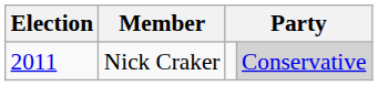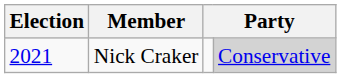 <table class="wikitable">
 <tr>
 <th>Election</th>
 <th>Member</th>
 <th colspan="2">Party</th>
 </tr>
 <tr>
-<td><a href='#'>2011</a></td>
+<td><a href='#'>2021</a></td>
 <td>Nick Craker</td>
 <td style="background-color: "></td>
 <td style="background: lightgrey;"><a href='#'>Conservative</a></td>
 </tr>
 </table>
